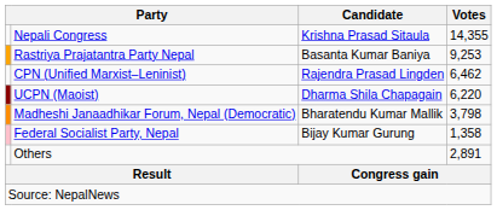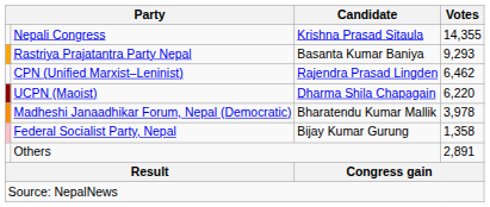 <table class="wikitable">
 <tr>
 <th colspan="2">Party</th>
 <th>Candidate</th>
 <th>Votes</th>
 </tr>
 <tr>
 <td style="background-color:"></td>
 <td><a href='#'>Nepali Congress</a></td>
 <td><a href='#'>Krishna Prasad Sitaula</a></td>
 <td>14,355</td>
 </tr>
 <tr>
 <td style="background-color:orange"></td>
 <td><a href='#'>Rastriya Prajatantra Party Nepal</a></td>
 <td>Basanta Kumar Baniya</td>
-<td>9,253</td>
+<td>9,293</td>
 </tr>
 <tr>
 <td style="background-color:"></td>
 <td><a href='#'>CPN (Unified Marxist–Leninist)</a></td>
 <td><a href='#'>Rajendra Prasad Lingden</a></td>
 <td>6,462</td>
 </tr>
 <tr>
 <td style="background-color:darkred"></td>
 <td><a href='#'>UCPN (Maoist)</a></td>
 <td><a href='#'>Dharma Shila Chapagain</a></td>
 <td>6,220</td>
 </tr>
 <tr>
 <td style="background-color:darkorange"></td>
 <td><a href='#'>Madheshi Janaadhikar Forum, Nepal (Democratic)</a></td>
 <td>Bharatendu Kumar Mallik</td>
-<td>3,798</td>
+<td>3,978</td>
 </tr>
 <tr>
 <td style="background-color:pink"></td>
 <td><a href='#'>Federal Socialist Party, Nepal</a></td>
 <td>Bijay Kumar Gurung</td>
 <td>1,358</td>
 </tr>
 <tr>
 <td></td>
 <td colspan="2">Others</td>
 <td>2,891</td>
 </tr>
 <tr>
 <th colspan="2">Result</th>
 <th colspan="2">Congress gain</th>
 </tr>
 <tr>
 <td colspan="4">Source: NepalNews</td>
 </tr>
 </table>
